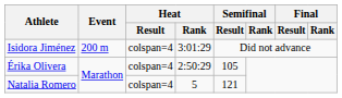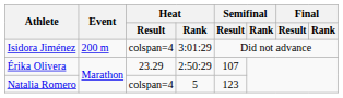 <table class="wikitable" style="font-size:90%">
 <tr>
 <th rowspan="2">Athlete</th>
 <th rowspan="2">Event</th>
 <th colspan="2">Heat</th>
 <th colspan="2">Semifinal</th>
 <th colspan="2">Final</th>
 </tr>
 <tr style="font-size:95%">
 <th>Result</th>
 <th>Rank</th>
 <th>Result</th>
 <th>Rank</th>
 <th>Result</th>
 <th>Rank</th>
 </tr>
 <tr align=center>
 <td align=left><a href='#'>Isidora Jiménez</a></td>
 <td align=left><a href='#'>200 m</a></td>
 <td>colspan=4 </td>
 <td>3:01:29</td>
 <td colspan=4>Did not advance</td>
 </tr>
 <tr align=center>
 <td align=left><a href='#'>Érika Olivera</a></td>
 <td align=left rowspan=2><a href='#'>Marathon</a></td>
-<td>colspan=4 </td>
+<td>23.29</td>
 <td>2:50:29</td>
-<td>105</td>
+<td>107</td>
 </tr>
 <tr align=center>
 <td align=left><a href='#'>Natalia Romero</a></td>
 <td>colspan=4 </td>
 <td>5</td>
-<td>121</td>
+<td>123</td>
 </tr>
 </table>
